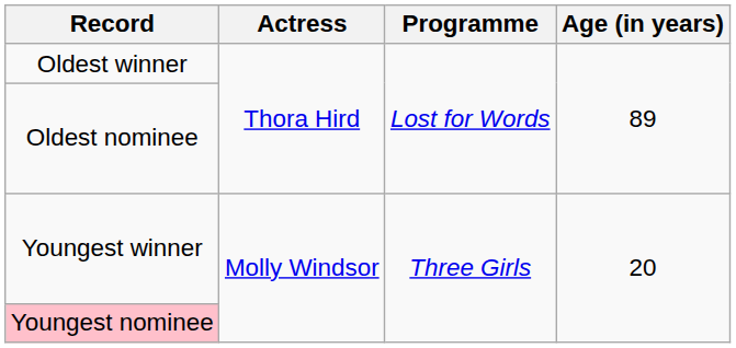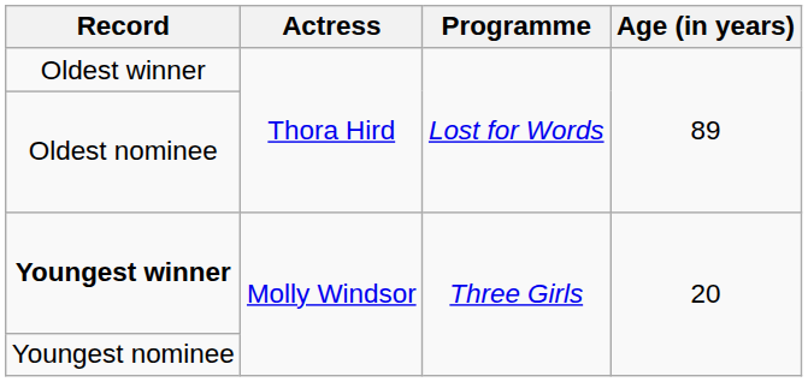 <table class="wikitable sortable plainrowheaders" style="text-align:center;">
 <tr>
 <th scope="col">Record</th>
 <th scope="col">Actress</th>
 <th scope="col">Programme</th>
 <th scope="col">Age (in years)</th>
 </tr>
 <tr>
 <td>Oldest winner</td>
 <td rowspan = "2"><a href='#'>Thora Hird</a></td>
 <td rowspan = "2"><em><a href='#'>Lost for Words</a></em></td>
 <td rowspan = "2">89</td>
 </tr>
 <tr style="height:4.5em;">
 <td>Oldest nominee</td>
 </tr>
 <tr style="height:4.5em;">
-<td>Youngest winner</td>
+<td><strong>Youngest winner</strong></td>
 <td rowspan = "2"><a href='#'>Molly Windsor</a></td>
 <td rowspan = "2"><em><a href='#'>Three Girls</a></em></td>
 <td rowspan = "2">20</td>
 </tr>
 <tr>
-<td style="background: pink;">Youngest nominee</td>
+<td>Youngest nominee</td>
 </tr>
 </table>
